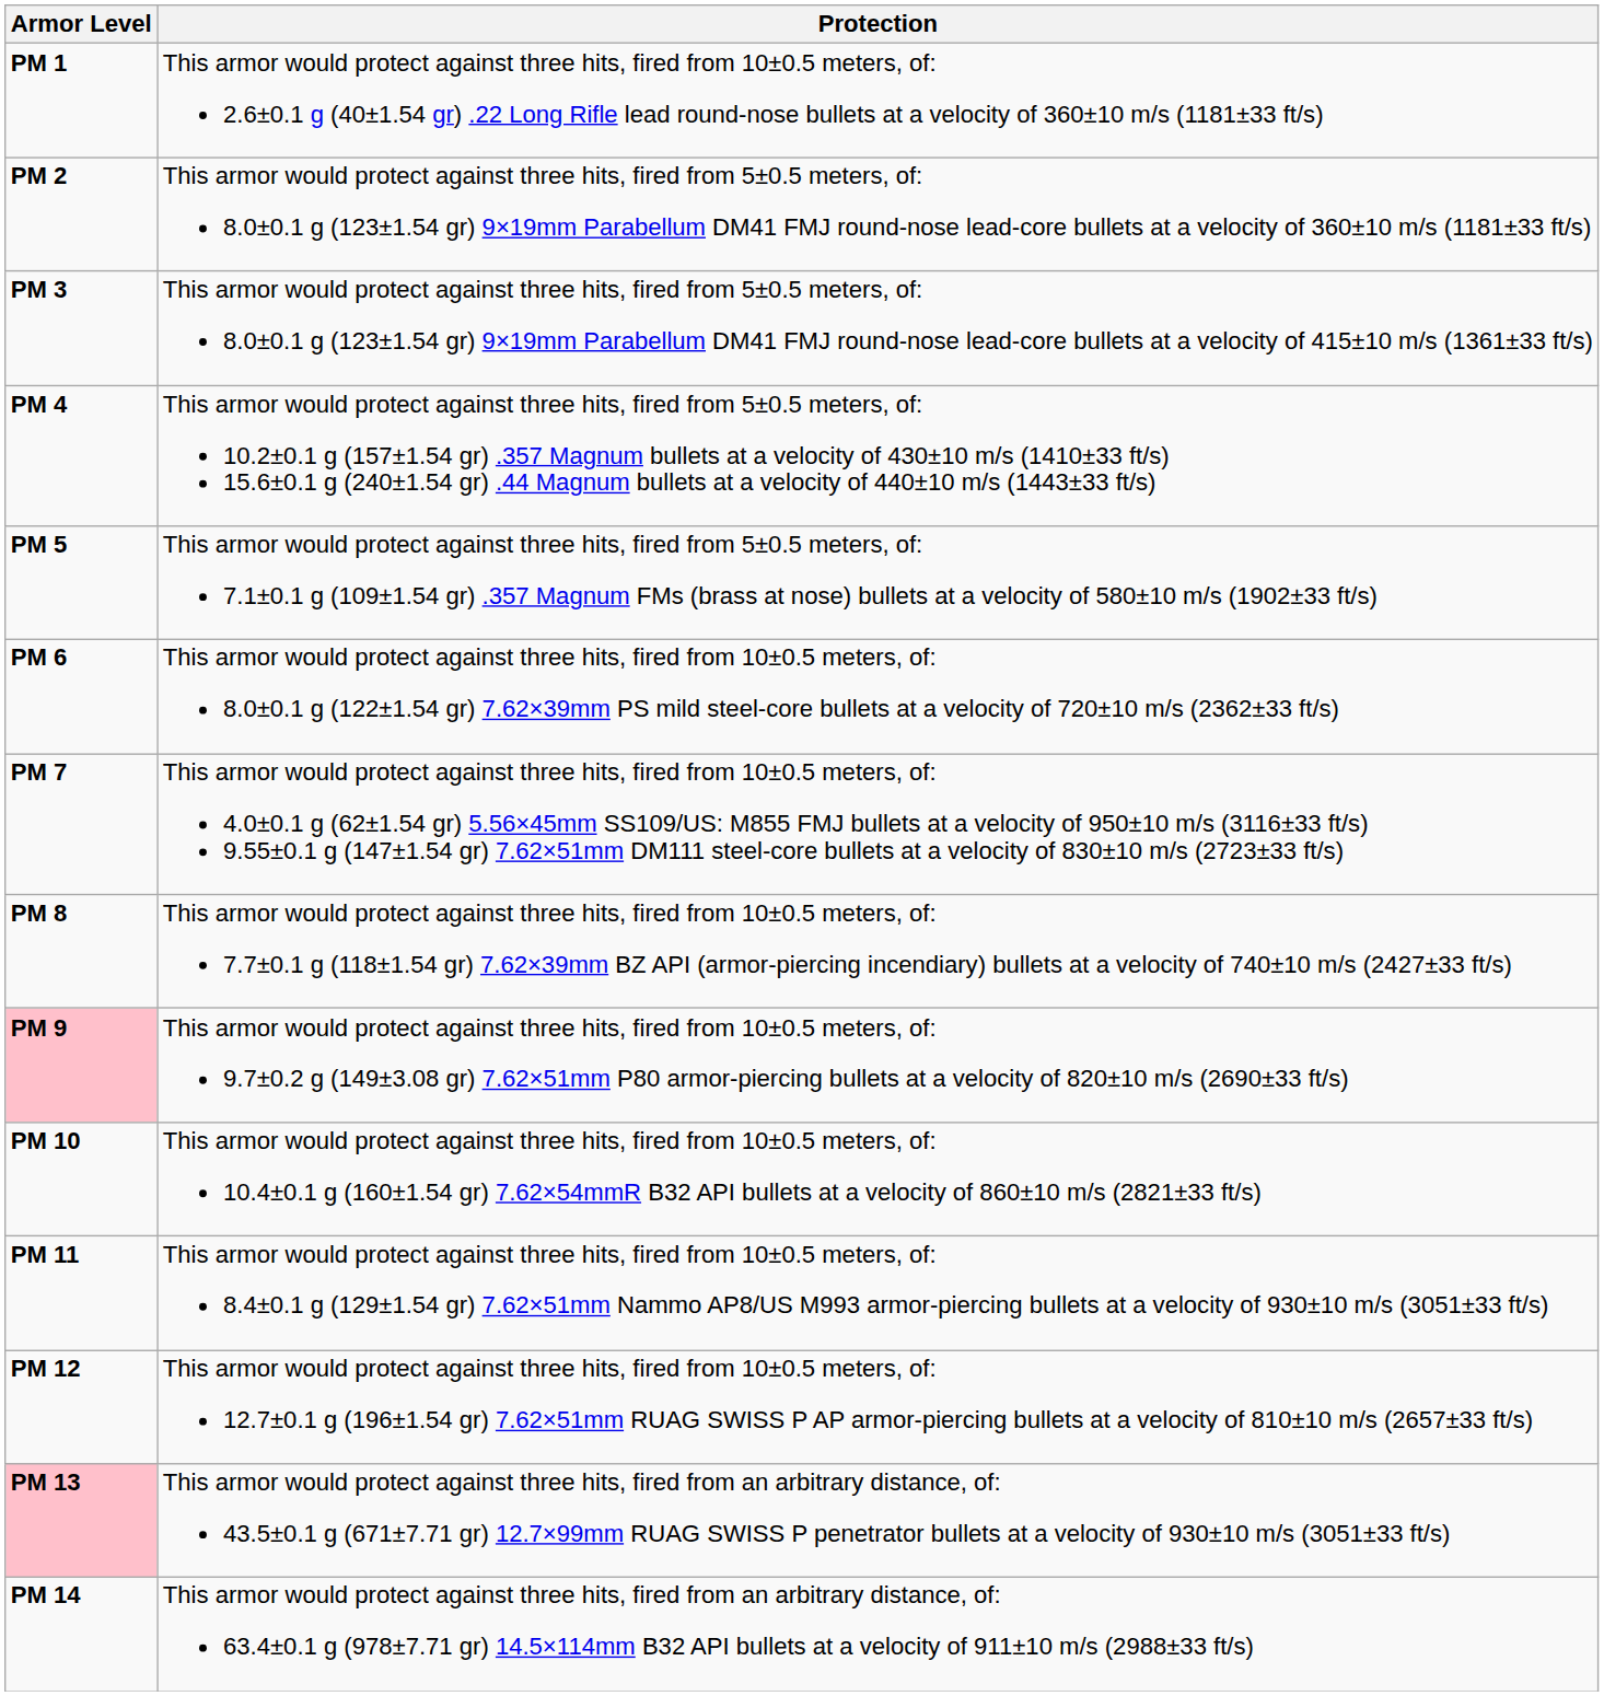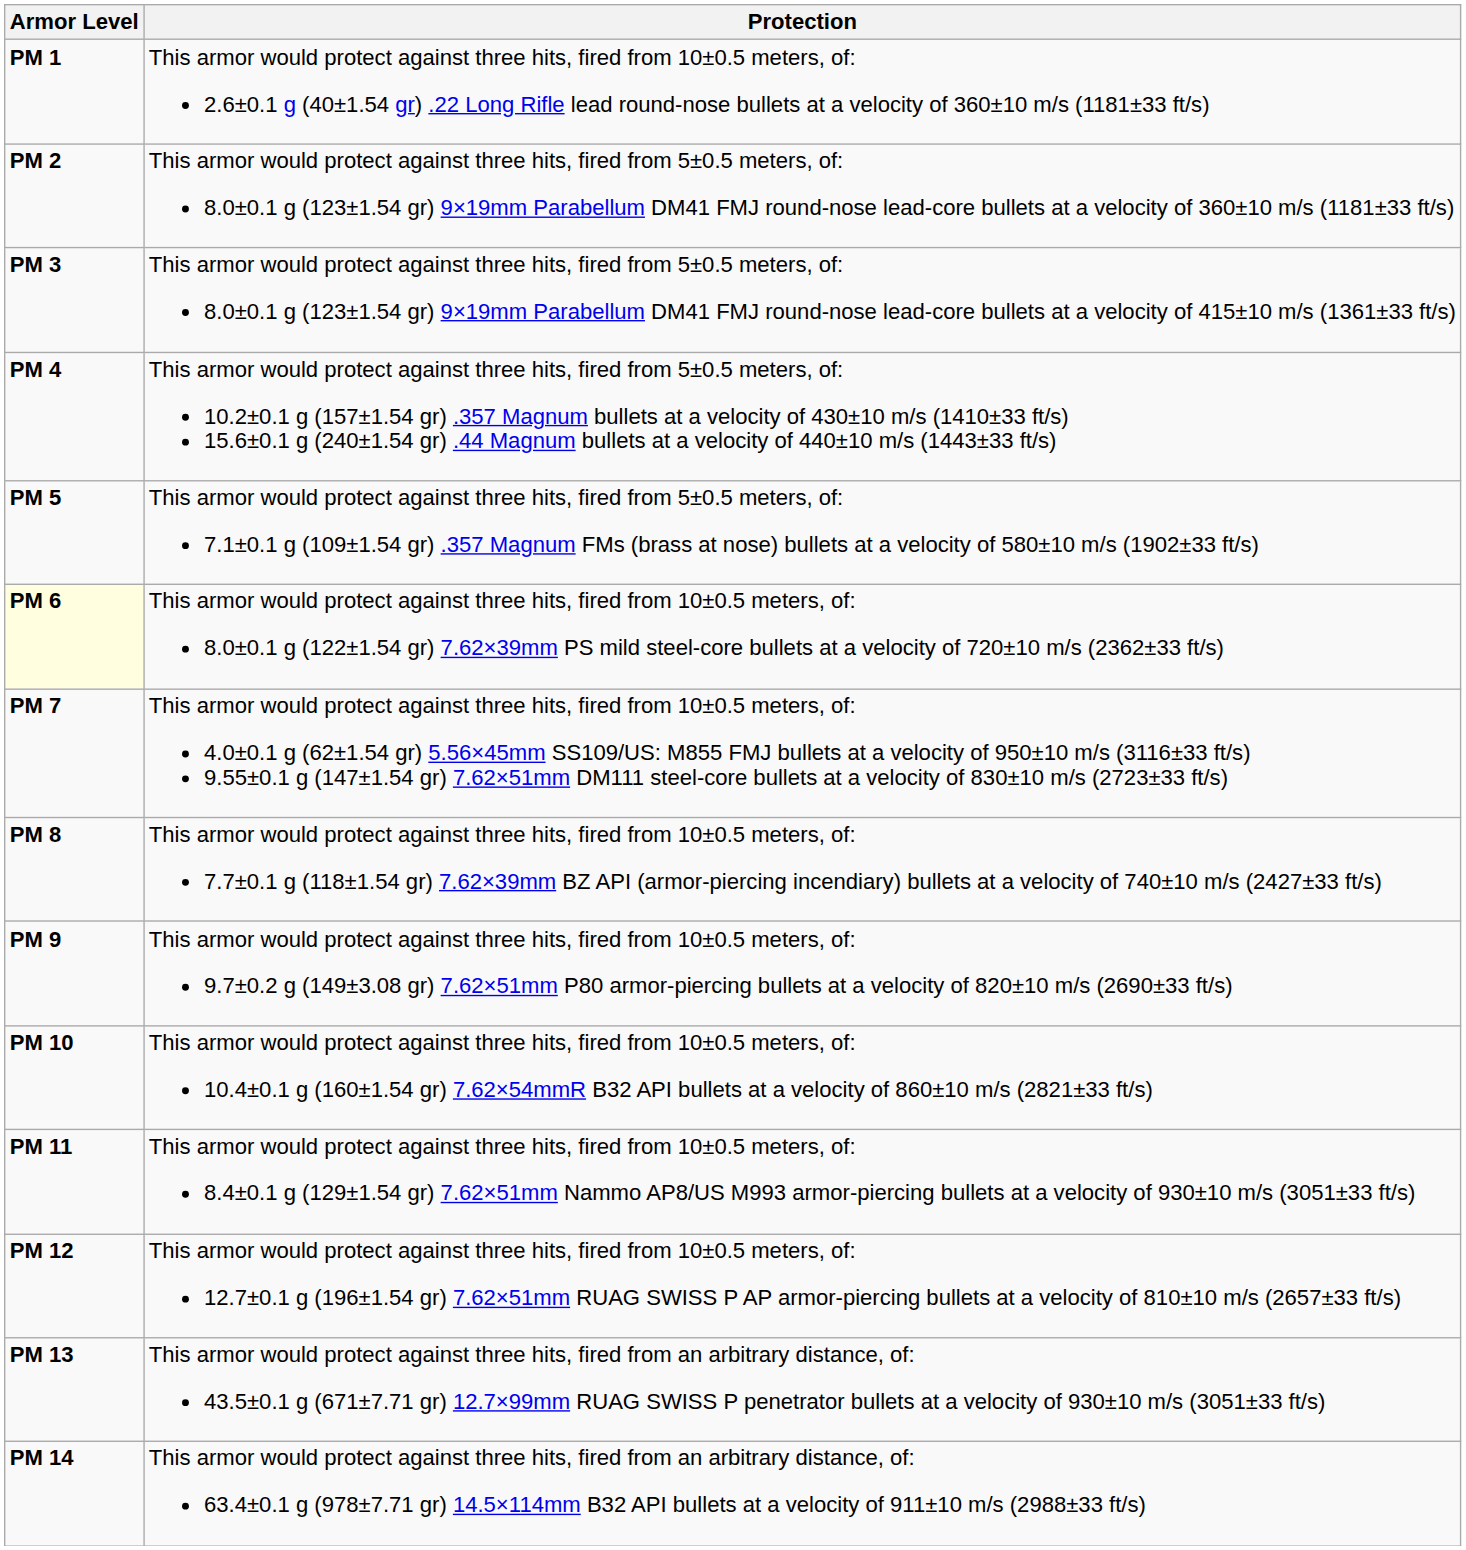 <table class="wikitable">
 <tr>
 <th>Armor Level</th>
 <th>Protection</th>
 </tr>
 <tr style="vertical-align: top;">
 <td><strong>PM 1</strong><br></td>
 <td>This armor would protect against three hits, fired from 10±0.5 meters, of:<br><ul><li>2.6±0.1 <a href='#'>g</a> (40±1.54 <a href='#'>gr</a>) <a href='#'>.22 Long Rifle</a> lead round-nose bullets at a velocity of 360±10 m/s (1181±33 ft/s)</li></ul></td>
 </tr>
 <tr style="vertical-align: top;">
 <td><strong>PM 2</strong><br></td>
 <td>This armor would protect against three hits, fired from 5±0.5 meters, of:<br><ul><li>8.0±0.1 g (123±1.54 gr) <a href='#'>9×19mm Parabellum</a> DM41 FMJ round-nose lead-core bullets at a velocity of 360±10 m/s (1181±33 ft/s)</li></ul></td>
 </tr>
 <tr style="vertical-align: top;">
 <td><strong>PM 3</strong><br></td>
 <td>This armor would protect against three hits, fired from 5±0.5 meters, of:<br><ul><li>8.0±0.1 g (123±1.54 gr) <a href='#'>9×19mm Parabellum</a> DM41 FMJ round-nose lead-core bullets at a velocity of 415±10 m/s (1361±33 ft/s)</li></ul></td>
 </tr>
 <tr style="vertical-align: top;">
 <td><strong>PM 4</strong><br></td>
 <td>This armor would protect against three hits, fired from 5±0.5 meters, of:<br><ul><li>10.2±0.1 g (157±1.54 gr) <a href='#'>.357 Magnum</a>  bullets at a velocity of 430±10 m/s (1410±33 ft/s)</li><li>15.6±0.1 g (240±1.54 gr) <a href='#'>.44 Magnum</a>  bullets at a velocity of 440±10 m/s (1443±33 ft/s)</li></ul></td>
 </tr>
 <tr style="vertical-align: top;">
 <td><strong>PM 5</strong><br></td>
 <td>This armor would protect against three hits, fired from 5±0.5 meters, of:<br><ul><li>7.1±0.1 g (109±1.54 gr) <a href='#'>.357 Magnum</a> FMs (brass at nose) bullets at a velocity of 580±10 m/s (1902±33 ft/s)</li></ul></td>
 </tr>
 <tr style="vertical-align: top;">
-<td><strong>PM 6</strong><br></td>
+<td style="background: lightyellow;"><strong>PM 6</strong><br></td>
 <td>This armor would protect against three hits, fired from 10±0.5 meters, of:<br><ul><li>8.0±0.1 g (122±1.54 gr) <a href='#'>7.62×39mm</a> PS mild steel-core bullets at a velocity of 720±10 m/s (2362±33 ft/s)</li></ul></td>
 </tr>
 <tr style="vertical-align: top;">
 <td><strong>PM 7</strong><br></td>
 <td>This armor would protect against three hits, fired from 10±0.5 meters, of:<br><ul><li>4.0±0.1 g (62±1.54 gr) <a href='#'>5.56×45mm</a> SS109/US: M855 FMJ bullets at a velocity of 950±10 m/s (3116±33 ft/s)</li><li>9.55±0.1 g (147±1.54 gr) <a href='#'>7.62×51mm</a> DM111 steel-core bullets at a velocity of 830±10 m/s (2723±33 ft/s)</li></ul></td>
 </tr>
 <tr style="vertical-align: top;">
 <td><strong>PM 8</strong><br></td>
 <td>This armor would protect against three hits, fired from 10±0.5 meters, of:<br><ul><li>7.7±0.1 g (118±1.54 gr) <a href='#'>7.62×39mm</a> BZ API (armor-piercing incendiary) bullets at a velocity of 740±10 m/s (2427±33 ft/s)</li></ul></td>
 </tr>
 <tr style="vertical-align: top;">
-<td style="background: pink;"><strong>PM 9</strong><br></td>
+<td><strong>PM 9</strong><br></td>
 <td>This armor would protect against three hits, fired from 10±0.5 meters, of:<br><ul><li>9.7±0.2 g (149±3.08 gr) <a href='#'>7.62×51mm</a> P80 armor-piercing bullets at a velocity of 820±10 m/s (2690±33 ft/s)</li></ul></td>
 </tr>
 <tr style="vertical-align: top;">
 <td><strong>PM 10</strong><br></td>
 <td>This armor would protect against three hits, fired from 10±0.5 meters, of:<br><ul><li>10.4±0.1 g (160±1.54 gr) <a href='#'>7.62×54mmR</a> B32 API bullets at a velocity of 860±10 m/s (2821±33 ft/s)</li></ul></td>
 </tr>
 <tr style="vertical-align: top;">
 <td><strong>PM 11</strong><br></td>
 <td>This armor would protect against three hits, fired from 10±0.5 meters, of:<br><ul><li>8.4±0.1 g (129±1.54 gr) <a href='#'>7.62×51mm</a> Nammo AP8/US M993 armor-piercing bullets at a velocity of 930±10 m/s (3051±33 ft/s)</li></ul></td>
 </tr>
 <tr style="vertical-align: top;">
 <td><strong>PM 12</strong><br></td>
 <td>This armor would protect against three hits, fired from 10±0.5 meters, of:<br><ul><li>12.7±0.1 g (196±1.54 gr) <a href='#'>7.62×51mm</a> RUAG SWISS P AP armor-piercing bullets at a velocity of 810±10 m/s (2657±33 ft/s)</li></ul></td>
 </tr>
 <tr style="vertical-align: top;">
-<td style="background: pink;"><strong>PM 13</strong><br></td>
+<td><strong>PM 13</strong><br></td>
 <td>This armor would protect against three hits, fired from an arbitrary distance, of:<br><ul><li>43.5±0.1 g (671±7.71 gr) <a href='#'>12.7×99mm</a> RUAG SWISS P penetrator bullets at a velocity of 930±10 m/s (3051±33 ft/s)</li></ul></td>
 </tr>
 <tr style="vertical-align: top;">
 <td><strong>PM 14</strong><br></td>
 <td>This armor would protect against three hits, fired from an arbitrary distance, of:<br><ul><li>63.4±0.1 g (978±7.71 gr) <a href='#'>14.5×114mm</a> B32 API bullets at a velocity of 911±10 m/s (2988±33 ft/s)</li></ul></td>
 </tr>
 </table>
